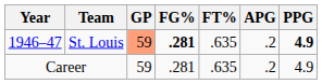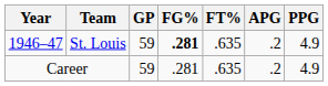 <table class="wikitable sortable" style="font-size:95%; text-align:right;">
 <tr>
 <th>Year</th>
 <th>Team</th>
 <th>GP</th>
 <th>FG%</th>
 <th>FT%</th>
 <th>APG</th>
 <th>PPG</th>
 </tr>
 <tr>
 <td style="text-align:left;"><a href='#'>1946–47</a></td>
 <td style="text-align:left;"><a href='#'>St. Louis</a></td>
-<td style="background: lightsalmon;">59</td>
+<td>59</td>
 <td><strong>.281</strong></td>
 <td>.635</td>
 <td>.2</td>
-<td><strong>4.9</strong></td>
+<td>4.9</td>
 </tr>
 <tr>
 <td style="text-align:center;" colspan="2">Career</td>
 <td>59</td>
 <td>.281</td>
 <td>.635</td>
 <td>.2</td>
 <td>4.9</td>
 </tr>
 </table>
